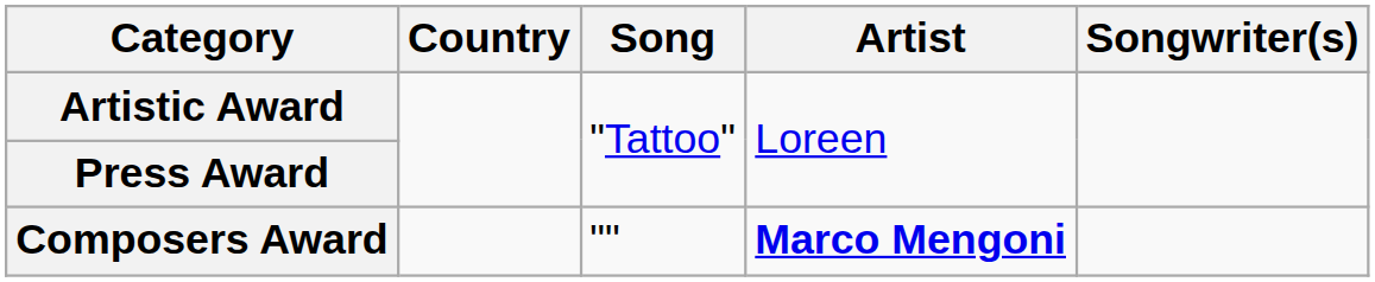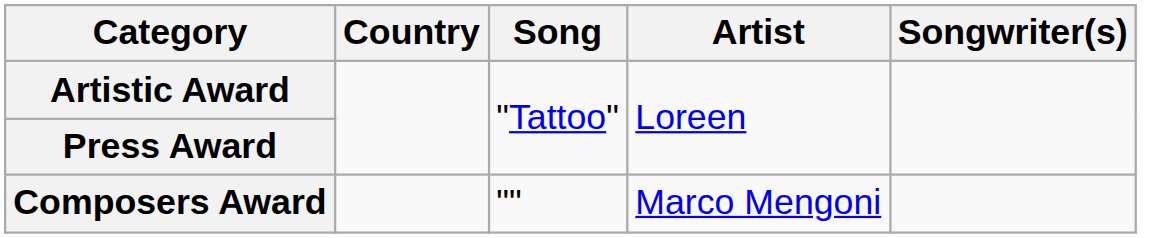 <table class="wikitable plainrowheaders">
 <tr>
 <th scope="col">Category</th>
 <th scope="col">Country</th>
 <th scope="col">Song</th>
 <th scope="col">Artist</th>
 <th scope="col">Songwriter(s)</th>
 </tr>
 <tr>
 <th scope="row">Artistic Award</th>
 <td rowspan="2"></td>
 <td rowspan="2">"<a href='#'>Tattoo</a>"</td>
 <td rowspan="2"><a href='#'>Loreen</a></td>
 <td rowspan="2"></td>
 </tr>
 <tr>
 <th scope="row">Press Award</th>
 </tr>
 <tr>
 <th scope="row">Composers Award</th>
 <td></td>
 <td>""</td>
-<td><strong><a href='#'>Marco Mengoni</a></strong></td>
+<td><a href='#'>Marco Mengoni</a></td>
 <td></td>
 </tr>
 </table>
